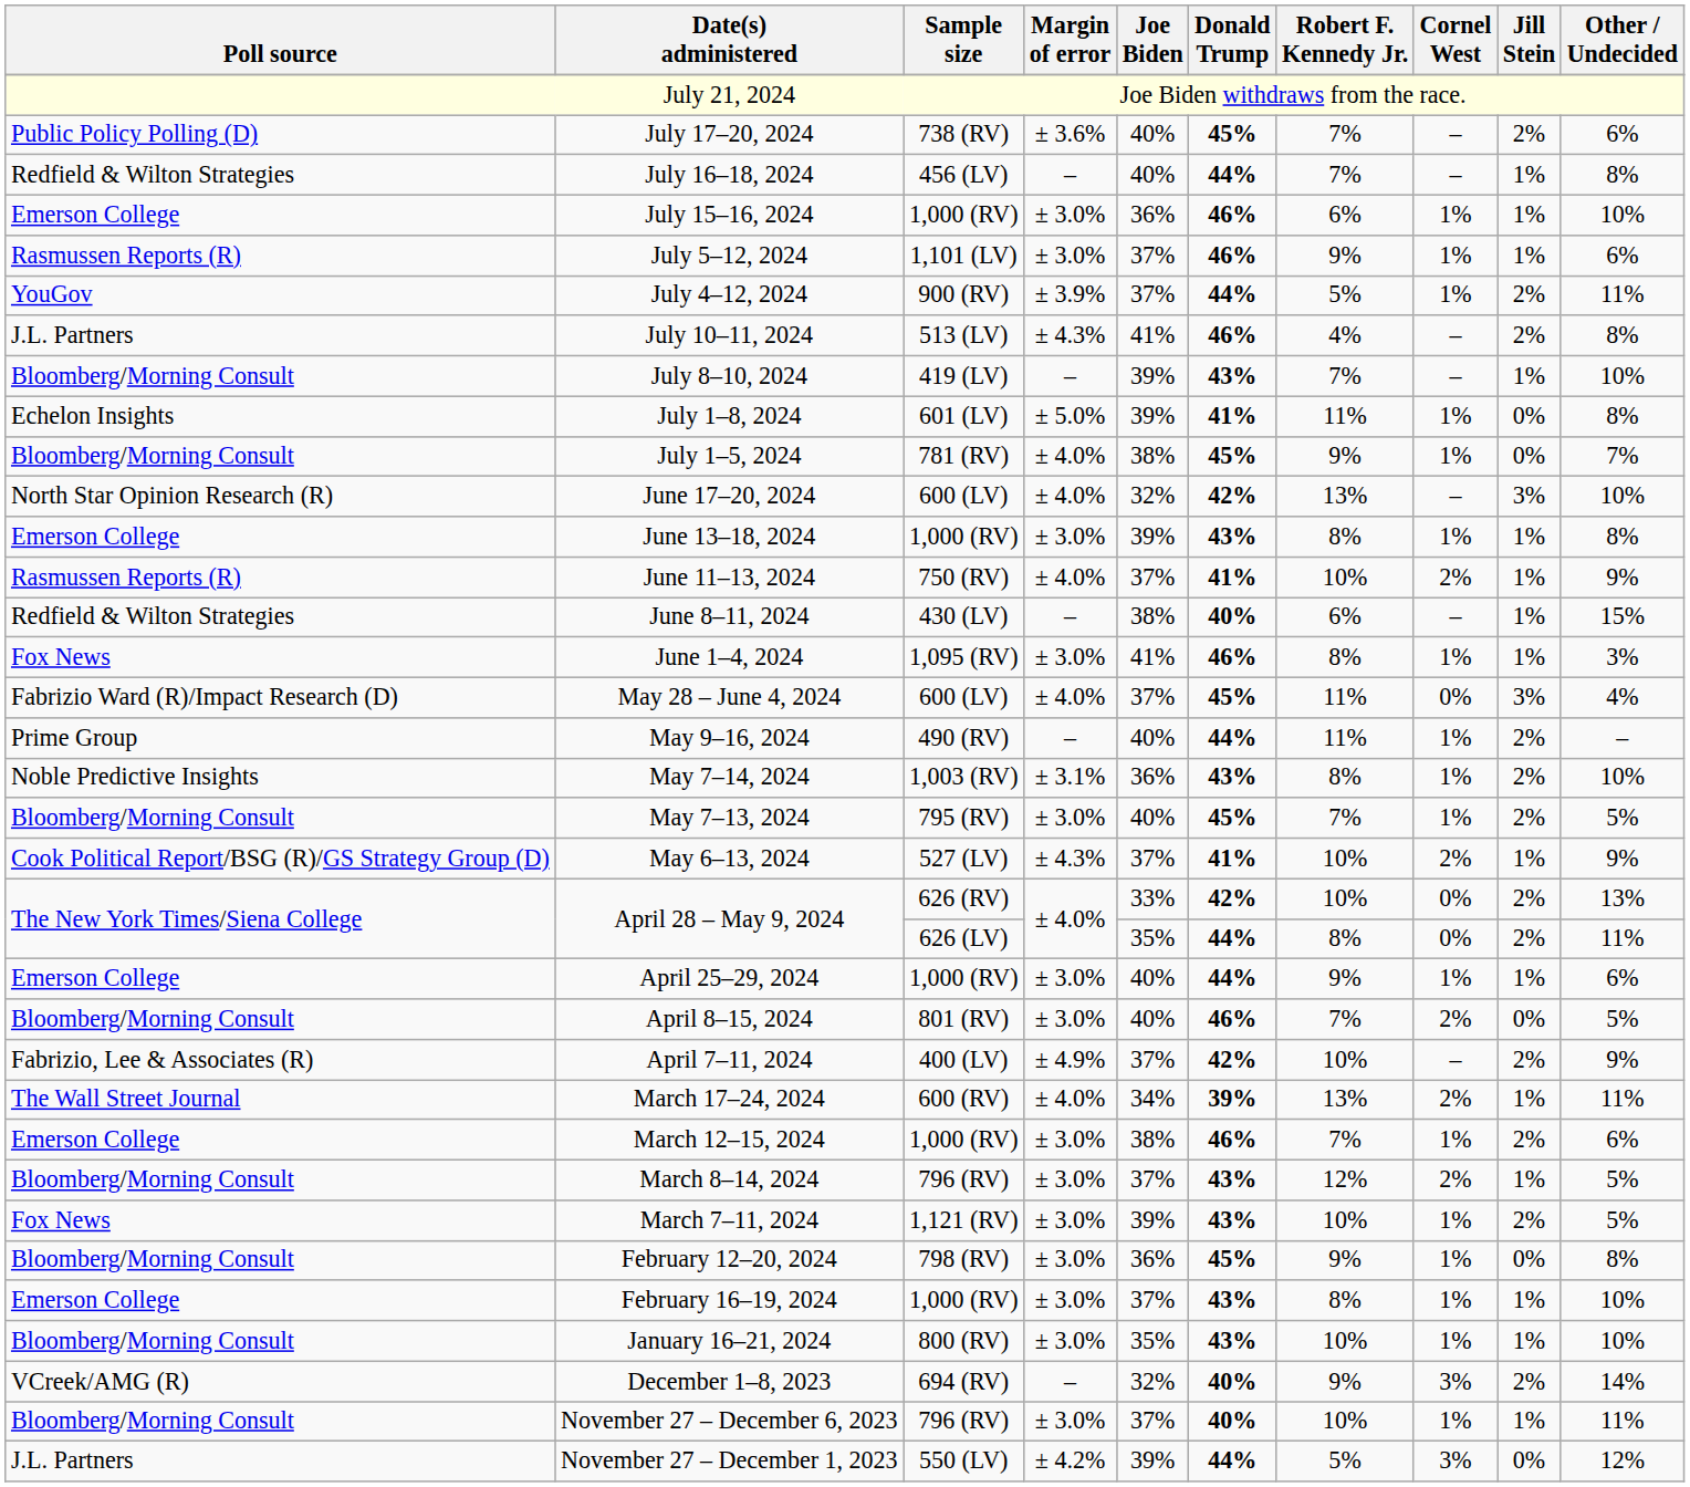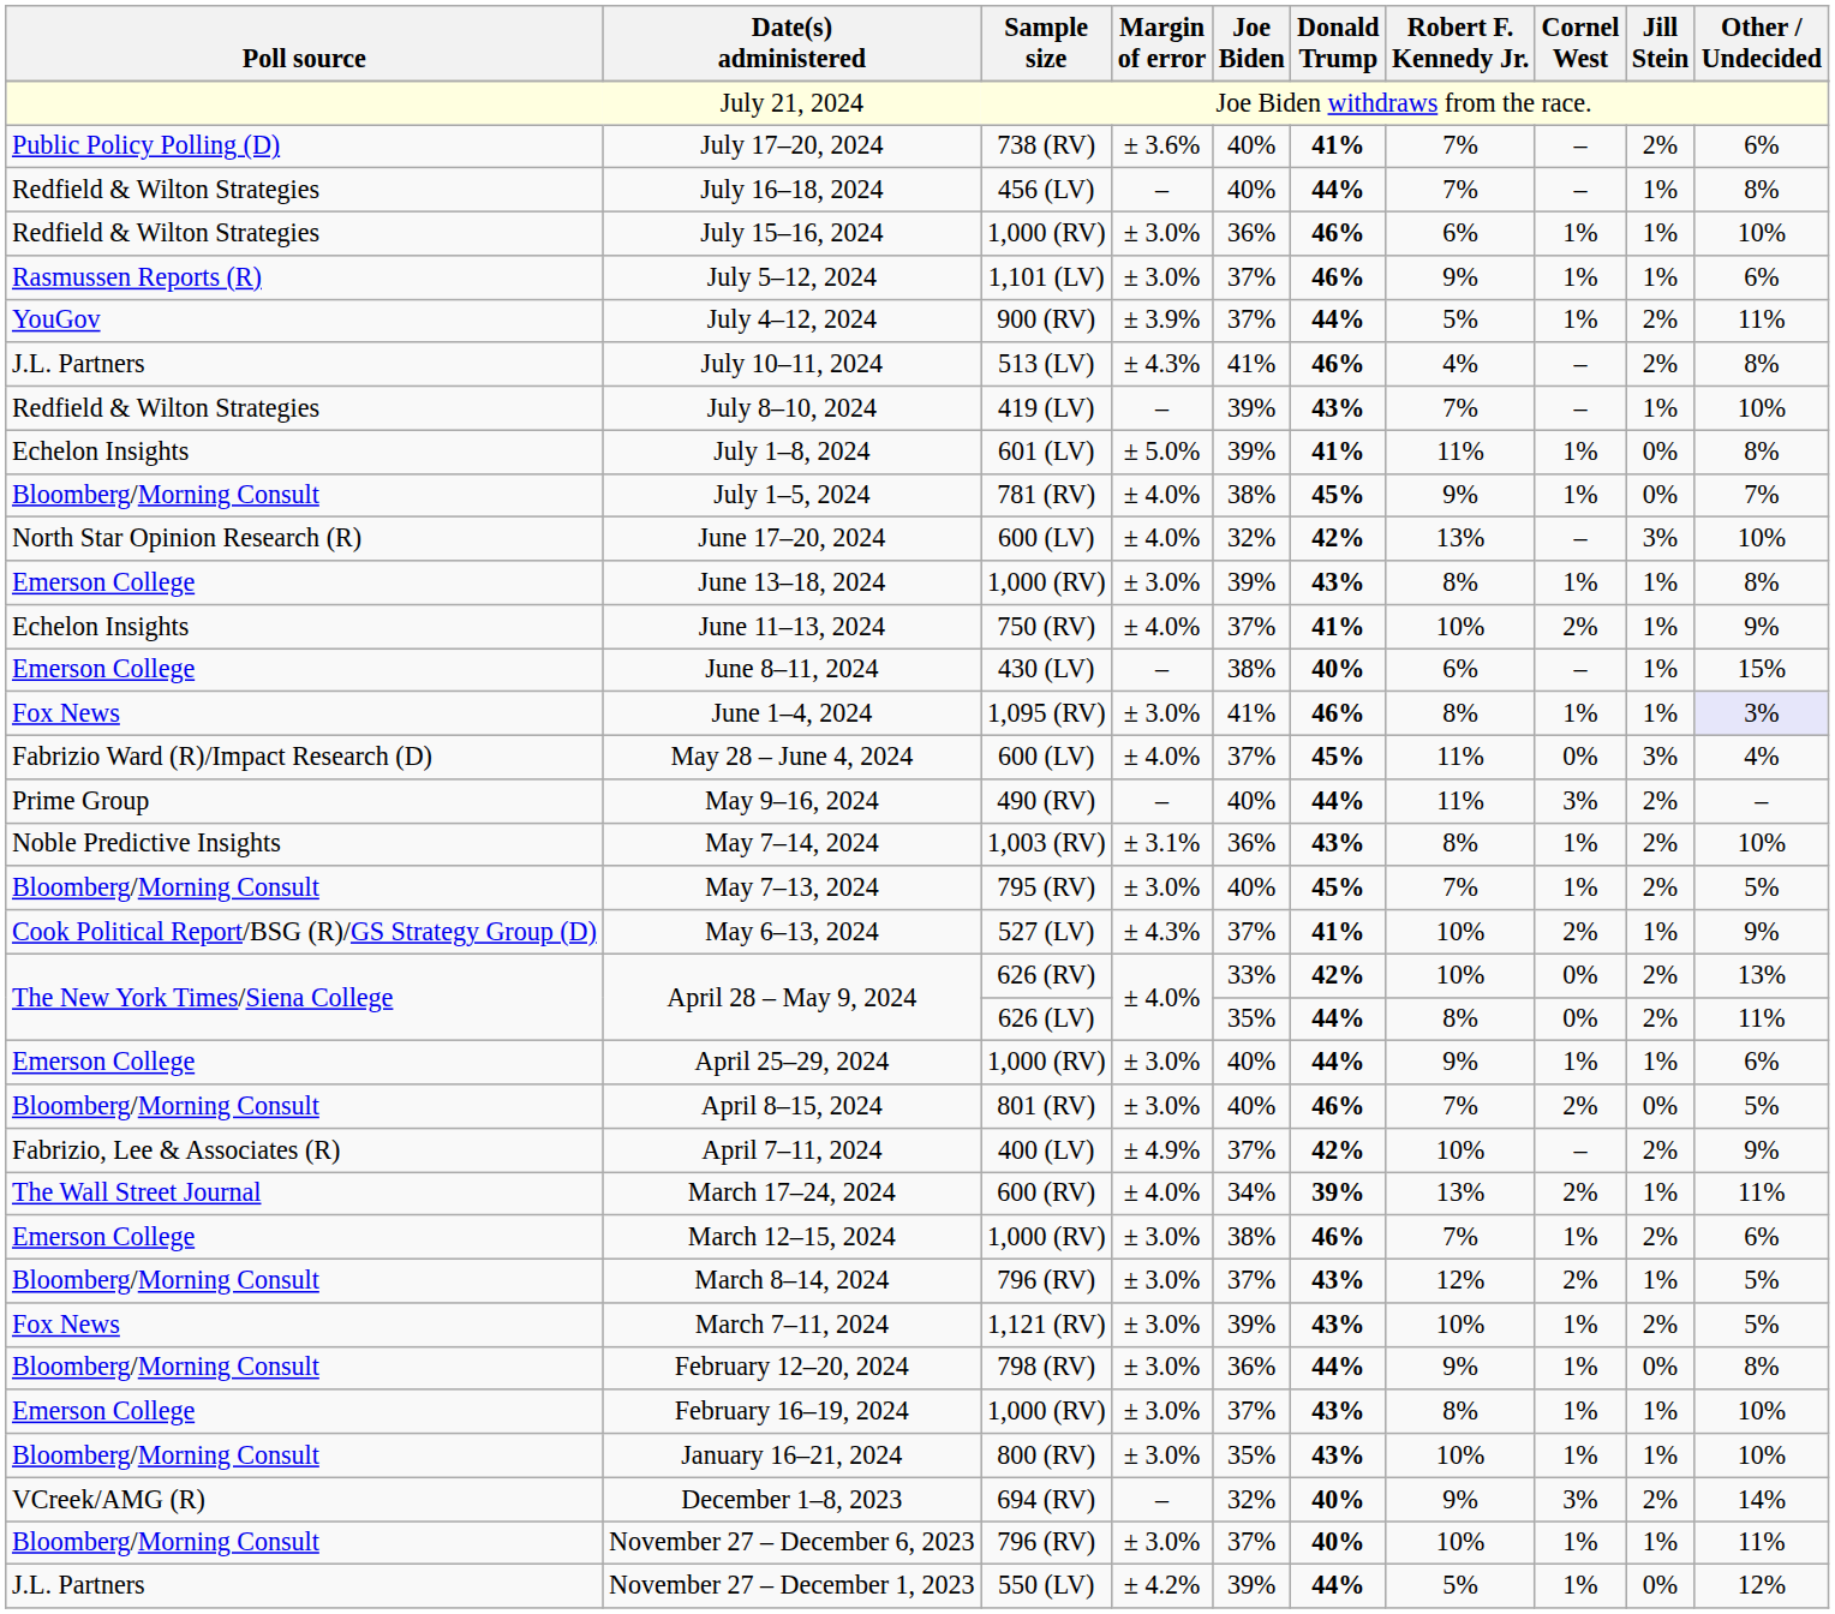 <table class="wikitable sortable mw-datatable" style="font-size:90%;text-align:center;line-height:17px">
 <tr valign=bottom>
 <th>Poll source</th>
 <th>Date(s)<br>administered</th>
 <th>Sample<br>size</th>
 <th>Margin<br>of error</th>
 <th class="unsortable">Joe<br>Biden<br></th>
 <th class="unsortable">Donald<br>Trump<br></th>
 <th class="unsortable">Robert F.<br>Kennedy Jr.<br></th>
 <th class="unsortable">Cornel<br>West<br></th>
 <th class="unsortable">Jill<br>Stein<br></th>
 <th class="unsortable">Other /<br>Undecided</th>
 </tr>
 <tr>
 </tr>
 <tr style="background:lightyellow;">
 <td style="border-right-style:hidden;"></td>
 <td style="border-right-style:hidden; " data-sort-value="2024-07-21">July 21, 2024</td>
 <td colspan="8">Joe Biden <a href='#'>withdraws</a> from the race.</td>
 </tr>
 <tr>
 <td style="text-align:left;"><a href='#'>Public Policy Polling (D)</a></td>
 <td data-sort-value="2024-07-21">July 17–20, 2024</td>
 <td>738 (RV)</td>
 <td>± 3.6%</td>
 <td>40%</td>
-<td style="background-color:"><strong>45%</strong></td>
+<td style="background-color:"><strong>41%</strong></td>
 <td>7%</td>
 <td>–</td>
 <td>2%</td>
 <td>6%</td>
 </tr>
 <tr>
 <td style="text-align:left;">Redfield & Wilton Strategies</td>
 <td data-sort-value="2024-07-18">July 16–18, 2024</td>
 <td>456 (LV)</td>
 <td>–</td>
 <td>40%</td>
 <td style="background-color:"><strong>44%</strong></td>
 <td>7%</td>
 <td>–</td>
 <td>1%</td>
 <td>8%</td>
 </tr>
 <tr>
-<td style="text-align:left;"><a href='#'>Emerson College</a></td>
+<td style="text-align:left;">Redfield & Wilton Strategies</td>
 <td data-sort-value="2024-07-18">July 15–16, 2024</td>
 <td>1,000 (RV)</td>
 <td>± 3.0%</td>
 <td>36%</td>
 <td style="background-color:"><strong>46%</strong></td>
 <td>6%</td>
 <td>1%</td>
 <td>1%</td>
 <td>10%</td>
 </tr>
 <tr>
 <td style="text-align:left;"><a href='#'>Rasmussen Reports (R)</a></td>
 <td data-sort-value="2024-07-19">July 5–12, 2024</td>
 <td>1,101 (LV)</td>
 <td>± 3.0%</td>
 <td>37%</td>
 <td style="background-color:"><strong>46%</strong></td>
 <td>9%</td>
 <td>1%</td>
 <td>1%</td>
 <td>6%</td>
 </tr>
 <tr>
 <td style="text-align:left;"><a href='#'>YouGov</a></td>
 <td data-sort-value="2024-07-15">July 4–12, 2024</td>
 <td>900 (RV)</td>
 <td>± 3.9%</td>
 <td>37%</td>
 <td style="background-color:"><strong>44%</strong></td>
 <td>5%</td>
 <td>1%</td>
 <td>2%</td>
 <td>11%</td>
 </tr>
 <tr>
 <td style="text-align:left;">J.L. Partners</td>
 <td data-sort-value="2024-07-17">July 10–11, 2024</td>
 <td>513 (LV)</td>
 <td>± 4.3%</td>
 <td>41%</td>
 <td style="background-color:"><strong>46%</strong></td>
 <td>4%</td>
 <td>–</td>
 <td>2%</td>
 <td>8%</td>
 </tr>
 <tr>
-<td style="text-align:left;"><a href='#'>Bloomberg</a>/<a href='#'>Morning Consult</a></td>
+<td style="text-align:left;">Redfield & Wilton Strategies</td>
 <td data-sort-value="2024-07-10">July 8–10, 2024</td>
 <td>419 (LV)</td>
 <td>–</td>
 <td>39%</td>
 <td style="background-color:"><strong>43%</strong></td>
 <td>7%</td>
 <td>–</td>
 <td>1%</td>
 <td>10%</td>
 </tr>
 <tr>
 <td style="text-align:left;">Echelon Insights</td>
 <td data-sort-value="2024-07-08">July 1–8, 2024</td>
 <td>601 (LV)</td>
 <td>± 5.0%</td>
 <td>39%</td>
 <td style="background-color:"><strong>41%</strong></td>
 <td>11%</td>
 <td>1%</td>
 <td>0%</td>
 <td>8%</td>
 </tr>
 <tr>
 <td style="text-align:left;"><a href='#'>Bloomberg</a>/<a href='#'>Morning Consult</a></td>
 <td data-sort-value="2024-07-06">July 1–5, 2024</td>
 <td>781 (RV)</td>
 <td>± 4.0%</td>
 <td>38%</td>
 <td style="background-color:"><strong>45%</strong></td>
 <td>9%</td>
 <td>1%</td>
 <td>0%</td>
 <td>7%</td>
 </tr>
 <tr>
 <td style="text-align:left;">North Star Opinion Research (R)</td>
 <td data-sort-value="2024-06-21">June 17–20, 2024</td>
 <td>600 (LV)</td>
 <td>± 4.0%</td>
 <td>32%</td>
 <td style="background-color:"><strong>42%</strong></td>
 <td>13%</td>
 <td>–</td>
 <td>3%</td>
 <td>10%</td>
 </tr>
 <tr>
 <td style="text-align:left;"><a href='#'>Emerson College</a></td>
 <td data-sort-value="2024-06-20">June 13–18, 2024</td>
 <td>1,000 (RV)</td>
 <td>± 3.0%</td>
 <td>39%</td>
 <td style="background-color:"><strong>43%</strong></td>
 <td>8%</td>
 <td>1%</td>
 <td>1%</td>
 <td>8%</td>
 </tr>
 <tr>
-<td style="text-align:left;"><a href='#'>Rasmussen Reports (R)</a></td>
+<td style="text-align:left;">Echelon Insights</td>
 <td data-sort-value="2024-06-14">June 11–13, 2024</td>
 <td>750 (RV)</td>
 <td>± 4.0%</td>
 <td>37%</td>
 <td style="background-color:"><strong>41%</strong></td>
 <td>10%</td>
 <td>2%</td>
 <td>1%</td>
 <td>9%</td>
 </tr>
 <tr>
-<td style="text-align:left;">Redfield & Wilton Strategies</td>
+<td style="text-align:left;"><a href='#'>Emerson College</a></td>
 <td data-sort-value="2024-07-10">June 8–11, 2024</td>
 <td>430 (LV)</td>
 <td>–</td>
 <td>38%</td>
 <td style="background-color:"><strong>40%</strong></td>
 <td>6%</td>
 <td>–</td>
 <td>1%</td>
 <td>15%</td>
 </tr>
 <tr>
 <td style="text-align:left;"><a href='#'>Fox News</a></td>
 <td data-sort-value="2024-06-06">June 1–4, 2024</td>
 <td>1,095 (RV)</td>
 <td>± 3.0%</td>
 <td>41%</td>
 <td style="background-color:"><strong>46%</strong></td>
 <td>8%</td>
 <td>1%</td>
 <td>1%</td>
-<td>3%</td>
+<td style="background: lavender;">3%</td>
 </tr>
 <tr>
 <td style="text-align:left;">Fabrizio Ward (R)/Impact Research (D)</td>
 <td data-sort-value="2024-06-12">May 28 – June 4, 2024</td>
 <td>600 (LV)</td>
 <td>± 4.0%</td>
 <td>37%</td>
 <td style="background-color:"><strong>45%</strong></td>
 <td>11%</td>
 <td>0%</td>
 <td>3%</td>
 <td>4%</td>
 </tr>
 <tr>
 <td style="text-align:left;">Prime Group</td>
 <td data-sort-value="2024-05-22">May 9–16, 2024</td>
 <td>490 (RV)</td>
 <td>–</td>
 <td>40%</td>
 <td style="background-color:"><strong>44%</strong></td>
 <td>11%</td>
-<td>1%</td>
+<td>3%</td>
 <td>2%</td>
 <td>–</td>
 </tr>
 <tr>
 <td style="text-align:left;">Noble Predictive Insights</td>
 <td data-sort-value="2024-05-21">May 7–14, 2024</td>
 <td>1,003 (RV)</td>
 <td>± 3.1%</td>
 <td>36%</td>
 <td style="background-color:"><strong>43%</strong></td>
 <td>8%</td>
 <td>1%</td>
 <td>2%</td>
 <td>10%</td>
 </tr>
 <tr>
 <td style="text-align:left;"><a href='#'>Bloomberg</a>/<a href='#'>Morning Consult</a></td>
 <td data-sort-value="2024-05-22">May 7–13, 2024</td>
 <td>795 (RV)</td>
 <td>± 3.0%</td>
 <td>40%</td>
 <td style="background-color:"><strong>45%</strong></td>
 <td>7%</td>
 <td>1%</td>
 <td>2%</td>
 <td>5%</td>
 </tr>
 <tr>
 <td style="text-align:left;"><a href='#'>Cook Political Report</a>/BSG (R)/<a href='#'>GS Strategy Group (D)</a></td>
 <td data-sort-value="2024-05-23">May 6–13, 2024</td>
 <td>527 (LV)</td>
 <td>± 4.3%</td>
 <td>37%</td>
 <td style="background-color:"><strong>41%</strong></td>
 <td>10%</td>
 <td>2%</td>
 <td>1%</td>
 <td>9%</td>
 </tr>
 <tr>
 <td style="text-align:left;" rowspan="2"><a href='#'>The New York Times</a>/<a href='#'>Siena College</a></td>
 <td rowspan="2">April 28 – May 9, 2024</td>
 <td>626 (RV)</td>
 <td rowspan="2">± 4.0%</td>
 <td>33%</td>
 <td style="background-color:"><strong>42%</strong></td>
 <td>10%</td>
 <td>0%</td>
 <td>2%</td>
 <td>13%</td>
 </tr>
 <tr>
 <td>626 (LV)</td>
 <td>35%</td>
 <td style="background-color:"><strong>44%</strong></td>
 <td>8%</td>
 <td>0%</td>
 <td>2%</td>
 <td>11%</td>
 </tr>
 <tr>
 <td style="text-align:left;"><a href='#'>Emerson College</a></td>
 <td data-sort-value="2024-04-30">April 25–29, 2024</td>
 <td>1,000 (RV)</td>
 <td>± 3.0%</td>
 <td>40%</td>
 <td style="background-color:"><strong>44%</strong></td>
 <td>9%</td>
 <td>1%</td>
 <td>1%</td>
 <td>6%</td>
 </tr>
 <tr>
 <td style="text-align:left;"><a href='#'>Bloomberg</a>/<a href='#'>Morning Consult</a></td>
 <td data-sort-value="2024-04-24">April 8–15, 2024</td>
 <td>801 (RV)</td>
 <td>± 3.0%</td>
 <td>40%</td>
 <td style="background-color:"><strong>46%</strong></td>
 <td>7%</td>
 <td>2%</td>
 <td>0%</td>
 <td>5%</td>
 </tr>
 <tr>
 <td style="text-align:left;">Fabrizio, Lee & Associates (R)</td>
 <td data-sort-value="2024-04-15">April 7–11, 2024</td>
 <td>400 (LV)</td>
 <td>± 4.9%</td>
 <td>37%</td>
 <td style="background-color:"><strong>42%</strong></td>
 <td>10%</td>
 <td>–</td>
 <td>2%</td>
 <td>9%</td>
 </tr>
 <tr>
 <td style="text-align:left;"><a href='#'>The Wall Street Journal</a></td>
 <td data-sort-value="2024-04-02">March 17–24, 2024</td>
 <td>600 (RV)</td>
 <td>± 4.0%</td>
 <td>34%</td>
 <td style="background-color:"><strong>39%</strong></td>
 <td>13%</td>
 <td>2%</td>
 <td>1%</td>
 <td>11%</td>
 </tr>
 <tr>
 <td style="text-align:left;"><a href='#'>Emerson College</a></td>
 <td data-sort-value="2024-03-20">March 12–15, 2024</td>
 <td>1,000 (RV)</td>
 <td>± 3.0%</td>
 <td>38%</td>
 <td style="background-color:"><strong>46%</strong></td>
 <td>7%</td>
 <td>1%</td>
 <td>2%</td>
 <td>6%</td>
 </tr>
 <tr>
 <td style="text-align:left;"><a href='#'>Bloomberg</a>/<a href='#'>Morning Consult</a></td>
 <td data-sort-value="2024-03-26">March 8–14, 2024</td>
 <td>796 (RV)</td>
 <td>± 3.0%</td>
 <td>37%</td>
 <td style="background-color:"><strong>43%</strong></td>
 <td>12%</td>
 <td>2%</td>
 <td>1%</td>
 <td>5%</td>
 </tr>
 <tr>
 <td style="text-align:left;"><a href='#'>Fox News</a></td>
 <td data-sort-value="2024-03-13">March 7–11, 2024</td>
 <td>1,121 (RV)</td>
 <td>± 3.0%</td>
 <td>39%</td>
 <td style="background-color:"><strong>43%</strong></td>
 <td>10%</td>
 <td>1%</td>
 <td>2%</td>
 <td>5%</td>
 </tr>
 <tr>
 <td style="text-align:left;"><a href='#'>Bloomberg</a>/<a href='#'>Morning Consult</a></td>
 <td data-sort-value="2024-02-29">February 12–20, 2024</td>
 <td>798 (RV)</td>
 <td>± 3.0%</td>
 <td>36%</td>
-<td style="background-color:"><strong>45%</strong></td>
+<td style="background-color:"><strong>44%</strong></td>
 <td>9%</td>
 <td>1%</td>
 <td>0%</td>
 <td>8%</td>
 </tr>
 <tr>
 <td style="text-align:left;"><a href='#'>Emerson College</a></td>
 <td data-sort-value="2024-02-22">February 16–19, 2024</td>
 <td>1,000 (RV)</td>
 <td>± 3.0%</td>
 <td>37%</td>
 <td style="background-color:"><strong>43%</strong></td>
 <td>8%</td>
 <td>1%</td>
 <td>1%</td>
 <td>10%</td>
 </tr>
 <tr>
 <td style="text-align:left;"><a href='#'>Bloomberg</a>/<a href='#'>Morning Consult</a></td>
 <td data-sort-value="2024-01-31">January 16–21, 2024</td>
 <td>800 (RV)</td>
 <td>± 3.0%</td>
 <td>35%</td>
 <td style="background-color:"><strong>43%</strong></td>
 <td>10%</td>
 <td>1%</td>
 <td>1%</td>
 <td>10%</td>
 </tr>
 <tr>
 <td style="text-align:left;">VCreek/AMG (R)</td>
 <td data-sort-value="2023-12-19">December 1–8, 2023</td>
 <td>694 (RV)</td>
 <td>–</td>
 <td>32%</td>
 <td style="background-color:"><strong>40%</strong></td>
 <td>9%</td>
 <td>3%</td>
 <td>2%</td>
 <td>14%</td>
 </tr>
 <tr>
 <td style="text-align:left;"><a href='#'>Bloomberg</a>/<a href='#'>Morning Consult</a></td>
 <td data-sort-value="2023-12-14">November 27 – December 6, 2023</td>
 <td>796 (RV)</td>
 <td>± 3.0%</td>
 <td>37%</td>
 <td style="background-color:"><strong>40%</strong></td>
 <td>10%</td>
 <td>1%</td>
 <td>1%</td>
 <td>11%</td>
 </tr>
 <tr>
 <td style="text-align:left;">J.L. Partners</td>
 <td data-sort-value="2023-11-09">November 27 – December 1, 2023</td>
 <td>550 (LV)</td>
 <td>± 4.2%</td>
 <td>39%</td>
 <td style="background-color:"><strong>44%</strong></td>
 <td>5%</td>
-<td>3%</td>
+<td>1%</td>
 <td>0%</td>
 <td>12%</td>
 </tr>
 </table>
